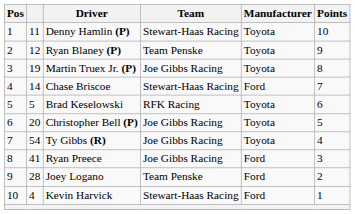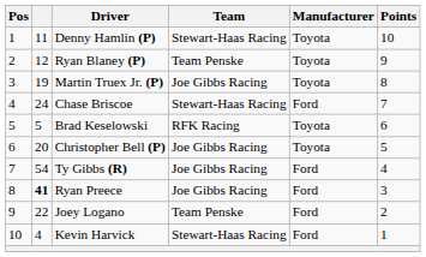 <table class="wikitable" style="font-size:98%">
 <tr>
 <th>Pos</th>
 <th></th>
 <th>Driver</th>
 <th>Team</th>
 <th>Manufacturer</th>
 <th>Points</th>
 </tr>
 <tr>
 <td>1</td>
 <td>11</td>
 <td>Denny Hamlin <strong>(P)</strong></td>
 <td>Stewart-Haas Racing</td>
 <td>Toyota</td>
 <td>10</td>
 </tr>
 <tr>
 <td>2</td>
 <td>12</td>
 <td>Ryan Blaney <strong>(P)</strong></td>
 <td>Team Penske</td>
 <td>Toyota</td>
 <td>9</td>
 </tr>
 <tr>
 <td>3</td>
 <td>19</td>
 <td>Martin Truex Jr. <strong>(P)</strong></td>
 <td>Joe Gibbs Racing</td>
 <td>Toyota</td>
 <td>8</td>
 </tr>
 <tr>
 <td>4</td>
-<td>14</td>
+<td>24</td>
 <td>Chase Briscoe</td>
 <td>Stewart-Haas Racing</td>
 <td>Ford</td>
 <td>7</td>
 </tr>
 <tr>
 <td>5</td>
 <td>5</td>
 <td>Brad Keselowski</td>
 <td>RFK Racing</td>
 <td>Toyota</td>
 <td>6</td>
 </tr>
 <tr>
 <td>6</td>
 <td>20</td>
 <td>Christopher Bell <strong>(P)</strong></td>
 <td>Joe Gibbs Racing</td>
 <td>Toyota</td>
 <td>5</td>
 </tr>
 <tr>
 <td>7</td>
 <td>54</td>
 <td>Ty Gibbs <strong>(R)</strong></td>
 <td>Joe Gibbs Racing</td>
-<td>Toyota</td>
+<td>Ford</td>
 <td>4</td>
 </tr>
 <tr>
 <td>8</td>
-<td>41</td>
+<td><strong>41</strong></td>
 <td>Ryan Preece</td>
 <td>Joe Gibbs Racing</td>
 <td>Ford</td>
 <td>3</td>
 </tr>
 <tr>
 <td>9</td>
-<td>28</td>
+<td>22</td>
 <td>Joey Logano</td>
 <td>Team Penske</td>
 <td>Ford</td>
 <td>2</td>
 </tr>
 <tr>
 <td>10</td>
 <td>4</td>
 <td>Kevin Harvick</td>
 <td>Stewart-Haas Racing</td>
 <td>Ford</td>
 <td>1</td>
 </tr>
 <tr>
 <th colspan="6"></th>
 </tr>
 </table>
